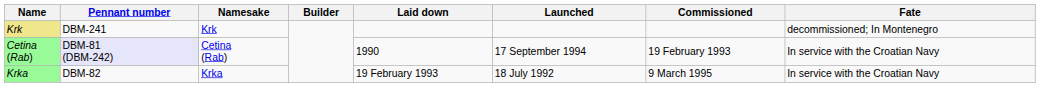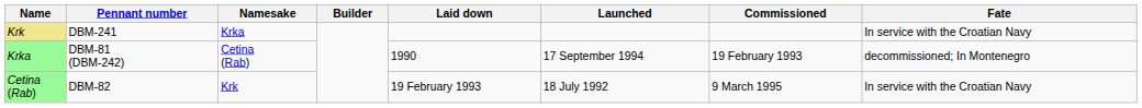 <table class="wikitable" style="width:80%;">
 <tr style="vertical-align:top;">
 <th>Name</th>
 <th><a href='#'>Pennant number</a></th>
 <th>Namesake</th>
 <th>Builder</th>
 <th>Laid down</th>
 <th>Launched</th>
 <th>Commissioned</th>
 <th>Fate</th>
 </tr>
 <tr>
 <td style="background:Khaki;"><em>Krk</em></td>
 <td>DBM-241</td>
-<td><a href='#'>Krk</a></td>
+<td><a href='#'>Krka</a></td>
 <td rowspan="3"></td>
 <td></td>
 <td></td>
 <td></td>
+<td>In service with the Croatian Navy</td>
+</tr>
+<tr>
+<td style="background:PaleGreen;"><em>Krka</em></td>
+<td>DBM-81<br>(DBM-242)</td>
+<td><a href='#'>Cetina</a><br>(<a href='#'>Rab</a>)</td>
+<td>1990</td>
+<td>17 September 1994</td>
+<td>19 February 1993</td>
 <td>decommissioned; In Montenegro</td>
 </tr>
 <tr>
 <td style="background:PaleGreen;"><em>Cetina</em><br>(<em>Rab</em>)</td>
-<td style="background: lavender;">DBM-81<br>(DBM-242)</td>
-<td><a href='#'>Cetina</a><br>(<a href='#'>Rab</a>)</td>
-<td>1990</td>
-<td>17 September 1994</td>
-<td>19 February 1993</td>
-<td>In service with the Croatian Navy</td>
-</tr>
-<tr>
-<td style="background:PaleGreen;"><em>Krka</em></td>
 <td>DBM-82</td>
-<td><a href='#'>Krka</a></td>
+<td><a href='#'>Krk</a></td>
 <td>19 February 1993</td>
 <td>18 July 1992</td>
 <td>9 March 1995</td>
 <td>In service with the Croatian Navy</td>
 </tr>
 </table>
